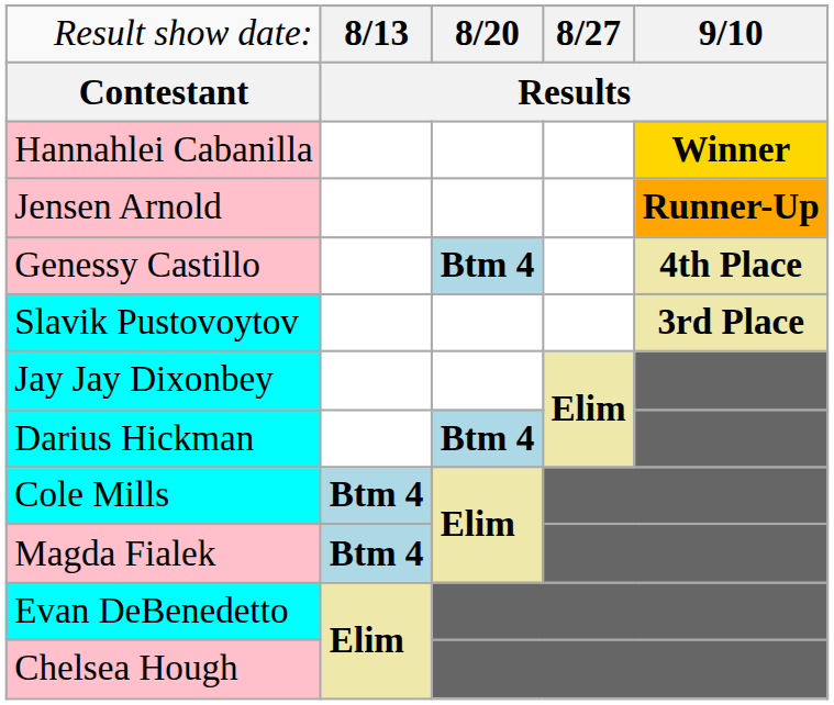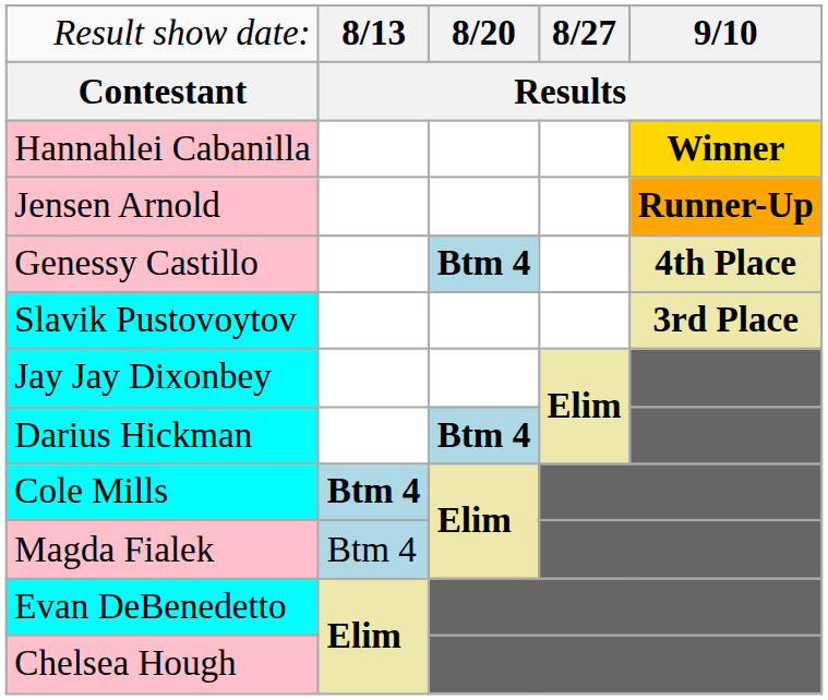 <table class="wikitable"  style="margin: auto;">
 <tr>
 <td align="right"><em>Result show date:</em></td>
 <th>8/13</th>
 <th>8/20</th>
 <th>8/27</th>
 <th>9/10</th>
 </tr>
 <tr>
 <th>Contestant</th>
 <th colspan="9" align="center">Results</th>
 </tr>
 <tr>
 <td style="background:pink;">Hannahlei Cabanilla</td>
 <td style="background:white;"></td>
 <td style="background:white;"></td>
 <td style="background:white;"></td>
 <td style="background:gold;text-align:center;"><strong>Winner</strong></td>
 </tr>
 <tr>
 <td style="background:pink;">Jensen Arnold</td>
 <td style="background:white;"></td>
 <td style="background:white;"></td>
 <td style="background:white;"></td>
 <td style="background:orange;text-align:center;"><strong>Runner-Up</strong></td>
 </tr>
 <tr>
 <td style="background:pink;">Genessy Castillo</td>
 <td style="background:white;"></td>
 <td style="background:lightblue;"><strong>Btm 4</strong></td>
 <td style="background:white;"></td>
 <td style="background:palegoldenrod;text-align:center;"><strong>4th Place</strong></td>
 </tr>
 <tr>
 <td style="background:cyan;">Slavik Pustovoytov</td>
 <td style="background:white;"></td>
 <td style="background:white;"></td>
 <td style="background:white;"></td>
 <td style="background:palegoldenrod;text-align:center;"><strong>3rd Place</strong></td>
 </tr>
 <tr>
 <td style="background:cyan;">Jay Jay Dixonbey</td>
 <td style="background:white;"></td>
 <td style="background:white;"></td>
 <td style="background:palegoldenrod;" rowspan="2"><strong>Elim</strong></td>
 <td colspan="2" style="background:#666;"></td>
 </tr>
 <tr>
 <td style="background:cyan;">Darius Hickman</td>
 <td style="background:white;"></td>
 <td style="background:lightblue;"><strong>Btm 4</strong></td>
 <td colspan="2" style="background:#666;"></td>
 </tr>
 <tr>
 <td style="background:cyan;">Cole Mills</td>
 <td style="background:lightblue;"><strong>Btm 4</strong></td>
 <td style="background:palegoldenrod;" rowspan="2"><strong>Elim</strong></td>
 <td colspan="3" style="background:#666;"></td>
 </tr>
 <tr>
 <td style="background:pink;">Magda Fialek</td>
-<td style="background:lightblue;"><strong>Btm 4</strong></td>
+<td style="background:lightblue;">Btm 4</td>
 <td colspan="3" style="background:#666;"></td>
 </tr>
 <tr>
 <td style="background:cyan;">Evan DeBenedetto</td>
 <td style="background:palegoldenrod;" rowspan="2"><strong>Elim</strong></td>
 <td colspan="4" style="background:#666;"></td>
 </tr>
 <tr>
 <td style="background:pink;">Chelsea Hough</td>
 <td colspan="4" style="background:#666;"></td>
 </tr>
 </table>
